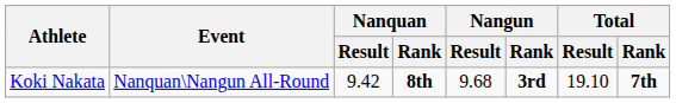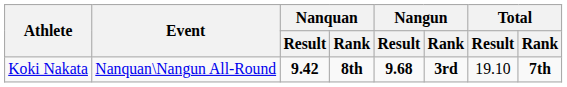 <table class=wikitable style="font-size:90%">
 <tr>
 <th rowspan="2">Athlete</th>
 <th rowspan="2">Event</th>
 <th colspan="2">Nanquan</th>
 <th colspan="2">Nangun</th>
 <th colspan="2">Total</th>
 </tr>
 <tr>
 <th>Result</th>
 <th>Rank</th>
 <th>Result</th>
 <th>Rank</th>
 <th>Result</th>
 <th>Rank</th>
 </tr>
 <tr>
 <td><a href='#'>Koki Nakata</a></td>
 <td><a href='#'>Nanquan\Nangun All-Round</a></td>
-<td align=center>9.42</td>
+<td align=center><strong>9.42</strong></td>
 <td align=center><strong>8th</strong></td>
-<td align=center>9.68</td>
+<td align=center><strong>9.68</strong></td>
 <td align=center><strong>3rd</strong></td>
 <td align=center>19.10</td>
 <td align=center><strong>7th</strong></td>
 </tr>
 </table>
